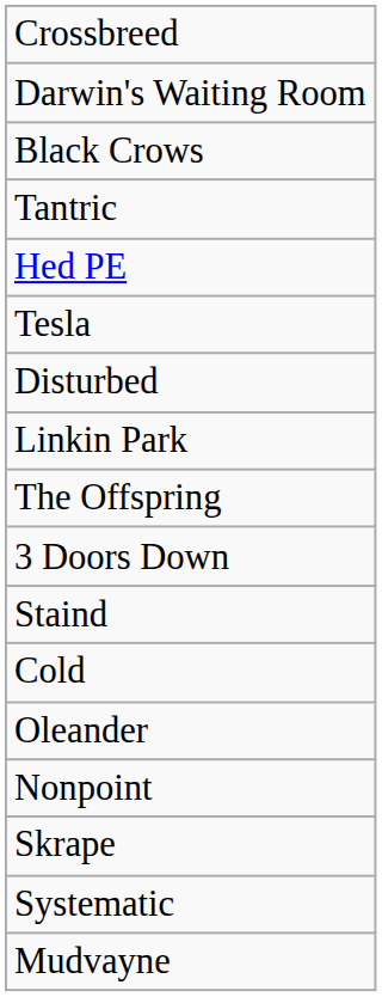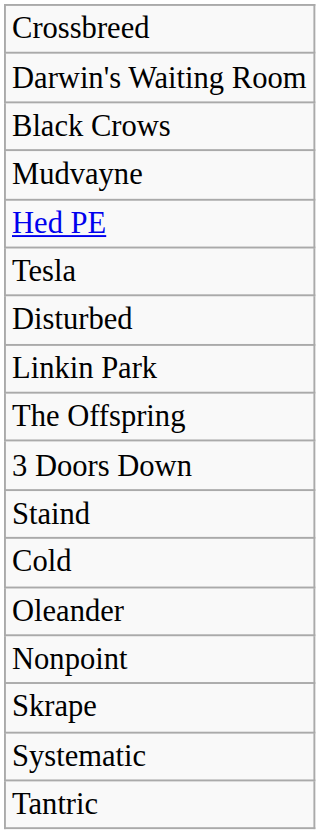 <table class="wikitable">
 <tr>
 <td>Crossbreed</td>
 </tr>
 <tr>
 <td>Darwin's Waiting Room</td>
 </tr>
 <tr>
 <td>Black Crows</td>
 </tr>
 <tr>
-<td>Tantric</td>
+<td>Mudvayne</td>
 </tr>
 <tr>
 <td><a href='#'>Hed PE</a></td>
 </tr>
 <tr>
 <td>Tesla</td>
 </tr>
 <tr>
 <td>Disturbed</td>
 </tr>
 <tr>
 <td>Linkin Park</td>
 </tr>
 <tr>
 <td>The Offspring</td>
 </tr>
 <tr>
 <td>3 Doors Down</td>
 </tr>
 <tr>
 <td>Staind</td>
 </tr>
 <tr>
 <td>Cold</td>
 </tr>
 <tr>
 <td>Oleander</td>
 </tr>
 <tr>
 <td>Nonpoint</td>
 </tr>
 <tr>
 <td>Skrape</td>
 </tr>
 <tr>
 <td>Systematic</td>
 </tr>
 <tr>
-<td>Mudvayne</td>
+<td>Tantric</td>
 </tr>
 </table>
